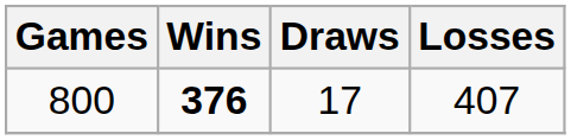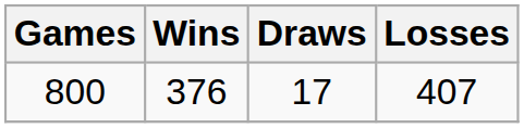 <table class="wikitable" style="text-align: center; font-size:100%">
 <tr>
 <th>Games</th>
 <th>Wins</th>
 <th>Draws</th>
 <th>Losses</th>
 </tr>
 <tr>
 <td>800</td>
-<td><strong>376</strong></td>
+<td>376</td>
 <td>17</td>
 <td>407</td>
 </tr>
 <tr>
 </tr>
 </table>
